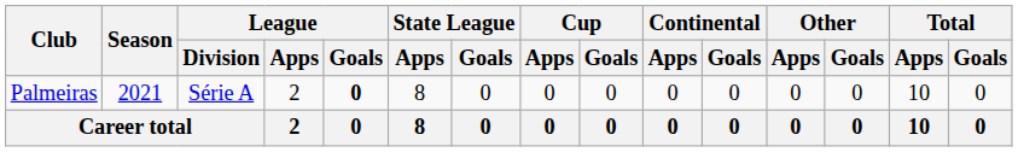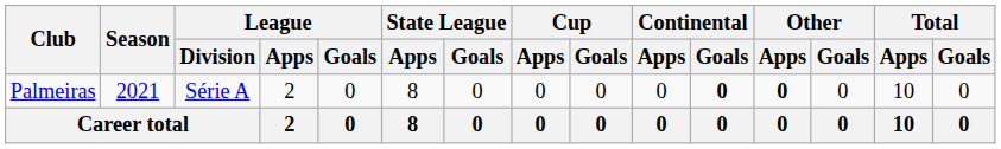 <table class="wikitable" style="text-align: center">
 <tr>
 <th rowspan="2">Club</th>
 <th rowspan="2">Season</th>
 <th colspan="3">League</th>
 <th colspan="2">State League</th>
 <th colspan="2">Cup</th>
 <th colspan="2">Continental</th>
 <th colspan="2">Other</th>
 <th colspan="2">Total</th>
 </tr>
 <tr>
 <th>Division</th>
 <th>Apps</th>
 <th>Goals</th>
 <th>Apps</th>
 <th>Goals</th>
 <th>Apps</th>
 <th>Goals</th>
 <th>Apps</th>
 <th>Goals</th>
 <th>Apps</th>
 <th>Goals</th>
 <th>Apps</th>
 <th>Goals</th>
 </tr>
 <tr>
 <td><a href='#'>Palmeiras</a></td>
 <td><a href='#'>2021</a></td>
 <td><a href='#'>Série A</a></td>
 <td>2</td>
-<td><strong>0</strong></td>
+<td>0</td>
 <td>8</td>
 <td>0</td>
 <td>0</td>
 <td>0</td>
 <td>0</td>
-<td>0</td>
-<td>0</td>
+<td><strong>0</strong></td>
+<td><strong>0</strong></td>
 <td>0</td>
 <td>10</td>
 <td>0</td>
 </tr>
 <tr>
 <th colspan="3"><strong>Career total</strong></th>
 <th>2</th>
 <th>0</th>
 <th>8</th>
 <th>0</th>
 <th>0</th>
 <th>0</th>
 <th>0</th>
 <th>0</th>
 <th>0</th>
 <th>0</th>
 <th>10</th>
 <th>0</th>
 </tr>
 </table>
